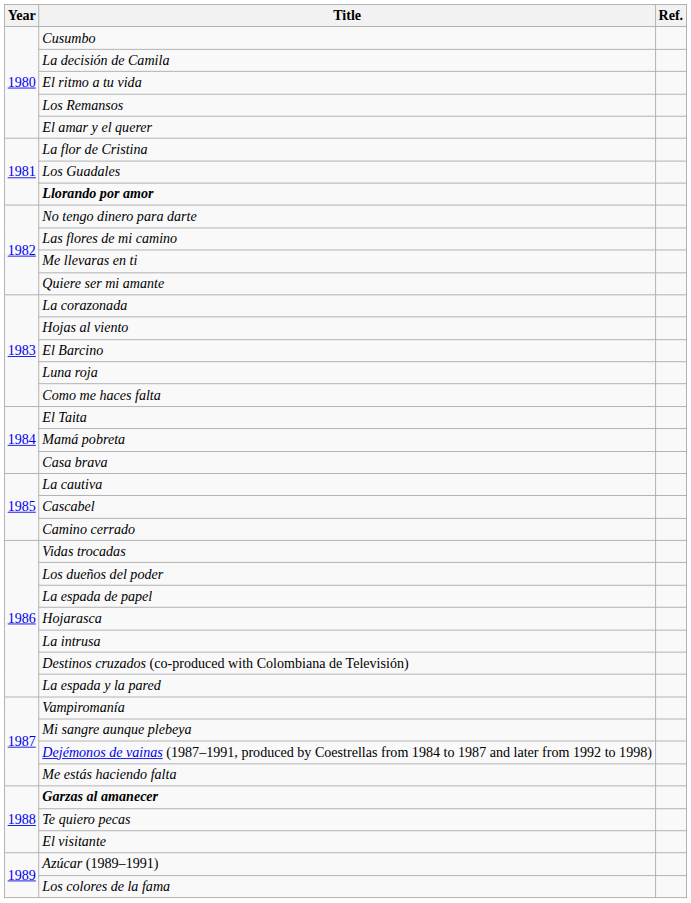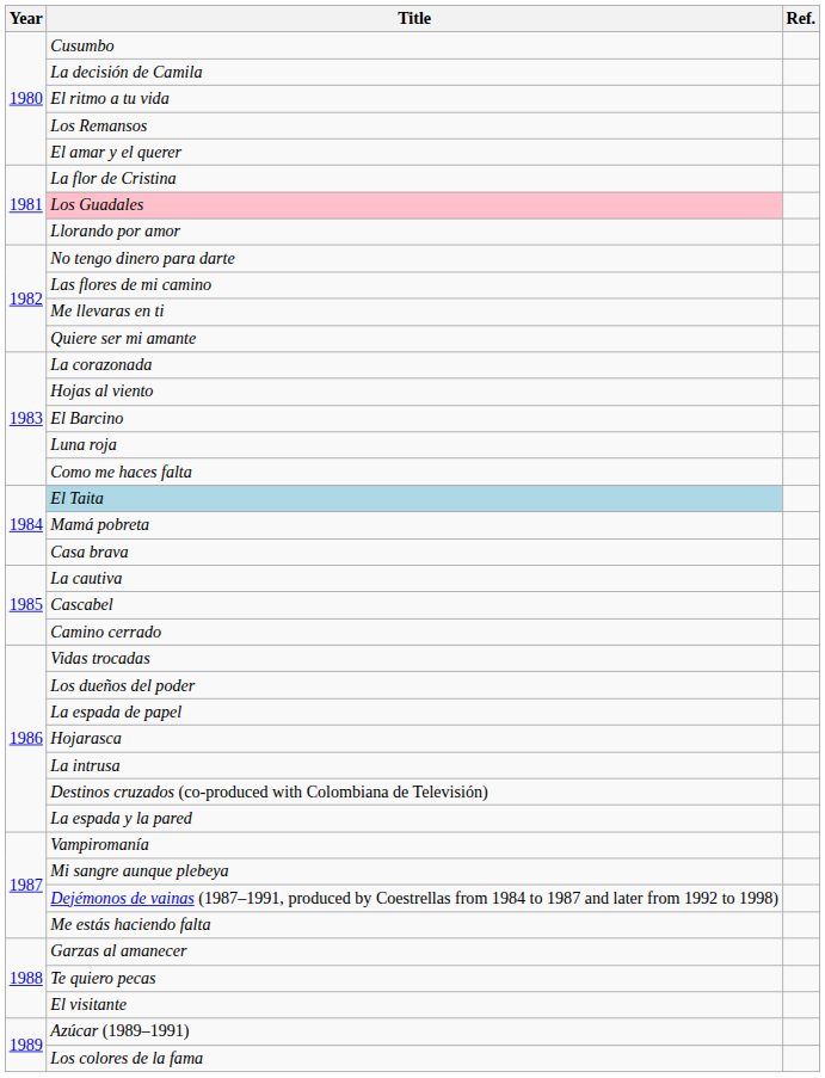 <table class="wikitable sortable">
 <tr>
 <th>Year</th>
 <th>Title</th>
 <th>Ref.</th>
 </tr>
 <tr>
 <td rowspan="5"><a href='#'>1980</a></td>
 <td><em>Cusumbo</em></td>
 <td></td>
 </tr>
 <tr>
 <td><em>La decisión de Camila</em></td>
 <td></td>
 </tr>
 <tr>
 <td><em>El ritmo a tu vida</em></td>
 <td></td>
 </tr>
 <tr>
 <td><em>Los Remansos</em></td>
 <td></td>
 </tr>
 <tr>
 <td><em>El amar y el querer</em></td>
 <td></td>
 </tr>
 <tr>
 <td rowspan="3"><a href='#'>1981</a></td>
 <td><em>La flor de Cristina</em></td>
 <td></td>
 </tr>
 <tr>
-<td><em>Los Guadales</em></td>
+<td style="background: pink;"><em>Los Guadales</em></td>
 <td></td>
 </tr>
 <tr>
-<td><strong><em>Llorando por amor</em></strong></td>
+<td><em>Llorando por amor</em></td>
 <td></td>
 </tr>
 <tr>
 <td rowspan="4"><a href='#'>1982</a></td>
 <td><em>No tengo dinero para darte</em></td>
 <td></td>
 </tr>
 <tr>
 <td><em>Las flores de mi camino</em></td>
 <td></td>
 </tr>
 <tr>
 <td><em>Me llevaras en ti</em></td>
 <td></td>
 </tr>
 <tr>
 <td><em>Quiere ser mi amante</em></td>
 <td></td>
 </tr>
 <tr>
 <td rowspan="5"><a href='#'>1983</a></td>
 <td><em>La corazonada</em></td>
 <td></td>
 </tr>
 <tr>
 <td><em>Hojas al viento</em></td>
 <td></td>
 </tr>
 <tr>
 <td><em>El Barcino</em></td>
 <td></td>
 </tr>
 <tr>
 <td><em>Luna roja</em></td>
 <td></td>
 </tr>
 <tr>
 <td><em>Como me haces falta</em></td>
 <td></td>
 </tr>
 <tr>
 <td rowspan="3"><a href='#'>1984</a></td>
-<td><em>El Taita</em></td>
+<td style="background: lightblue;"><em>El Taita</em></td>
 <td></td>
 </tr>
 <tr>
 <td><em>Mamá pobreta</em></td>
 <td></td>
 </tr>
 <tr>
 <td><em>Casa brava</em></td>
 <td></td>
 </tr>
 <tr>
 <td rowspan="3"><a href='#'>1985</a></td>
 <td><em>La cautiva</em></td>
 <td></td>
 </tr>
 <tr>
 <td><em>Cascabel</em></td>
 <td></td>
 </tr>
 <tr>
 <td><em>Camino cerrado</em></td>
 <td></td>
 </tr>
 <tr>
 <td rowspan="7"><a href='#'>1986</a></td>
 <td><em>Vidas trocadas</em></td>
 <td></td>
 </tr>
 <tr>
 <td><em>Los dueños del poder</em></td>
 <td></td>
 </tr>
 <tr>
 <td><em>La espada de papel</em></td>
 <td></td>
 </tr>
 <tr>
 <td><em>Hojarasca</em></td>
 <td></td>
 </tr>
 <tr>
 <td><em>La intrusa</em></td>
 <td></td>
 </tr>
 <tr>
 <td><em>Destinos cruzados</em> (co-produced with Colombiana de Televisión)</td>
 <td></td>
 </tr>
 <tr>
 <td><em>La espada y la pared</em></td>
 <td></td>
 </tr>
 <tr>
 <td rowspan="4"><a href='#'>1987</a></td>
 <td><em>Vampiromanía</em></td>
 <td></td>
 </tr>
 <tr>
 <td><em>Mi sangre aunque plebeya</em></td>
 <td></td>
 </tr>
 <tr>
 <td><em><a href='#'>Dejémonos de vainas</a></em> (1987–1991, produced by Coestrellas from 1984 to 1987 and later from 1992 to 1998)</td>
 <td></td>
 </tr>
 <tr>
 <td><em>Me estás haciendo falta</em></td>
 <td></td>
 </tr>
 <tr>
 <td rowspan="3"><a href='#'>1988</a></td>
-<td><strong><em>Garzas al amanecer</em></strong></td>
+<td><em>Garzas al amanecer</em></td>
 <td></td>
 </tr>
 <tr>
 <td><em>Te quiero pecas</em></td>
 <td></td>
 </tr>
 <tr>
 <td><em>El visitante</em></td>
 <td></td>
 </tr>
 <tr>
 <td rowspan="2"><a href='#'>1989</a></td>
 <td><em>Azúcar</em> (1989–1991)</td>
 <td></td>
 </tr>
 <tr>
 <td><em>Los colores de la fama</em></td>
 <td></td>
 </tr>
 </table>
